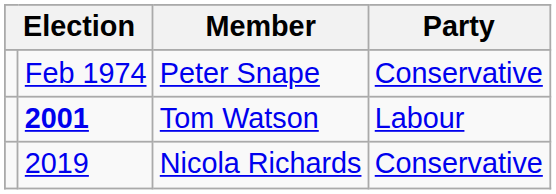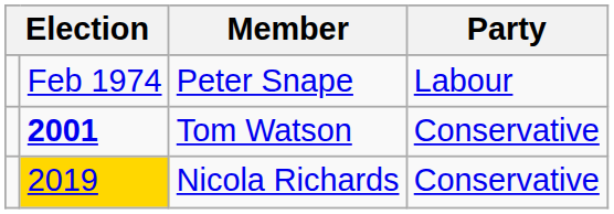 <table class="wikitable">
 <tr>
 <th colspan="2">Election</th>
 <th>Member</th>
 <th>Party</th>
 </tr>
 <tr>
 <td style="color:inherit;background-color: "></td>
 <td><a href='#'>Feb 1974</a></td>
 <td><a href='#'>Peter Snape</a></td>
-<td><a href='#'>Conservative</a></td>
+<td><a href='#'>Labour</a></td>
 </tr>
 <tr>
 <td style="color:inherit;background-color: "></td>
 <td><strong><a href='#'>2001</a></strong></td>
 <td><a href='#'>Tom Watson</a></td>
-<td><a href='#'>Labour</a></td>
+<td><a href='#'>Conservative</a></td>
 </tr>
 <tr>
 <td style="color:inherit;background-color: "></td>
-<td><a href='#'>2019</a></td>
+<td style="background: gold;"><a href='#'>2019</a></td>
 <td><a href='#'>Nicola Richards</a></td>
 <td><a href='#'>Conservative</a></td>
 </tr>
 </table>
